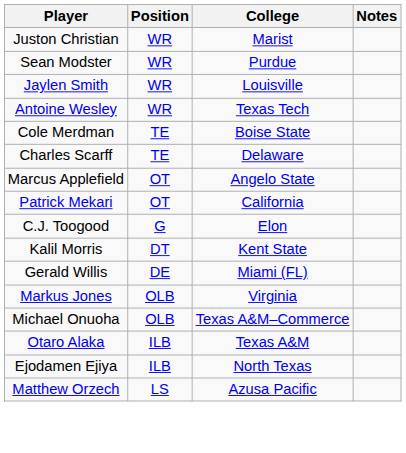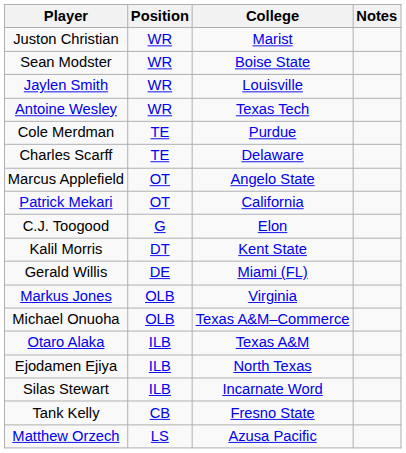 <table class="wikitable" style="text-align:center">
 <tr>
 <th>Player</th>
 <th>Position</th>
 <th>College</th>
 <th>Notes</th>
 </tr>
 <tr>
 <td>Juston Christian</td>
 <td><a href='#'>WR</a></td>
 <td><a href='#'>Marist</a></td>
 <td></td>
 </tr>
 <tr>
 <td>Sean Modster</td>
 <td><a href='#'>WR</a></td>
-<td><a href='#'>Purdue</a></td>
+<td><a href='#'>Boise State</a></td>
 <td></td>
 </tr>
 <tr>
 <td><a href='#'>Jaylen Smith</a></td>
 <td><a href='#'>WR</a></td>
 <td><a href='#'>Louisville</a></td>
 <td></td>
 </tr>
 <tr>
 <td><a href='#'>Antoine Wesley</a></td>
 <td><a href='#'>WR</a></td>
 <td><a href='#'>Texas Tech</a></td>
 <td></td>
 </tr>
 <tr>
 <td>Cole Merdman</td>
 <td><a href='#'>TE</a></td>
-<td><a href='#'>Boise State</a></td>
+<td><a href='#'>Purdue</a></td>
 <td></td>
 </tr>
 <tr>
 <td>Charles Scarff</td>
 <td><a href='#'>TE</a></td>
 <td><a href='#'>Delaware</a></td>
 <td></td>
 </tr>
 <tr>
 <td>Marcus Applefield</td>
 <td><a href='#'>OT</a></td>
 <td><a href='#'>Angelo State</a></td>
 <td></td>
 </tr>
 <tr>
 <td><a href='#'>Patrick Mekari</a></td>
 <td><a href='#'>OT</a></td>
 <td><a href='#'>California</a></td>
 <td></td>
 </tr>
 <tr>
 <td>C.J. Toogood</td>
 <td><a href='#'>G</a></td>
 <td><a href='#'>Elon</a></td>
 <td></td>
 </tr>
 <tr>
 <td>Kalil Morris</td>
 <td><a href='#'>DT</a></td>
 <td><a href='#'>Kent State</a></td>
 <td></td>
 </tr>
 <tr>
 <td>Gerald Willis</td>
 <td><a href='#'>DE</a></td>
 <td><a href='#'>Miami (FL)</a></td>
 <td></td>
 </tr>
 <tr>
 <td><a href='#'>Markus Jones</a></td>
 <td><a href='#'>OLB</a></td>
 <td><a href='#'>Virginia</a></td>
 <td></td>
 </tr>
 <tr>
 <td>Michael Onuoha</td>
 <td><a href='#'>OLB</a></td>
 <td><a href='#'>Texas A&M–Commerce</a></td>
 <td></td>
 </tr>
 <tr>
 <td><a href='#'>Otaro Alaka</a></td>
 <td><a href='#'>ILB</a></td>
 <td><a href='#'>Texas A&M</a></td>
 <td></td>
 </tr>
 <tr>
 <td>Ejodamen Ejiya</td>
 <td><a href='#'>ILB</a></td>
 <td><a href='#'>North Texas</a></td>
 <td></td>
 </tr>
 <tr>
+<td>Silas Stewart</td>
+<td><a href='#'>ILB</a></td>
+<td><a href='#'>Incarnate Word</a></td>
+<td></td>
+</tr>
+<tr>
+<td>Tank Kelly</td>
+<td><a href='#'>CB</a></td>
+<td><a href='#'>Fresno State</a></td>
+<td></td>
+</tr>
+<tr>
 <td><a href='#'>Matthew Orzech</a></td>
 <td><a href='#'>LS</a></td>
 <td><a href='#'>Azusa Pacific</a></td>
 <td></td>
 </tr>
 </table>
